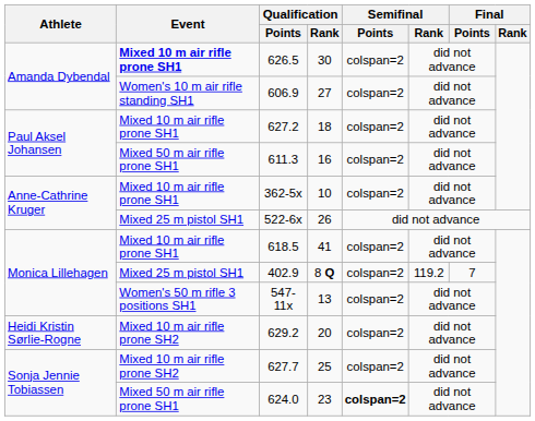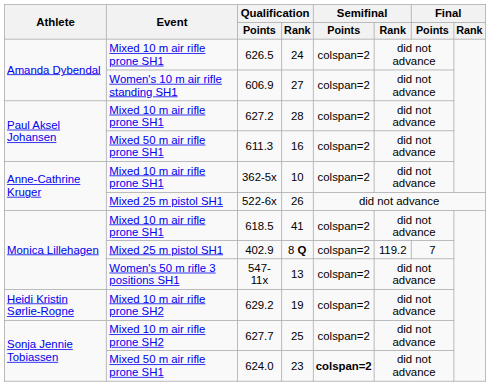 <table class="wikitable" style="font-size:90%">
 <tr>
 <th rowspan="2">Athlete</th>
 <th rowspan="2">Event</th>
 <th colspan=2>Qualification</th>
 <th colspan=2>Semifinal</th>
 <th colspan=2>Final</th>
 </tr>
 <tr style="font-size:95%">
 <th>Points</th>
 <th>Rank</th>
 <th>Points</th>
 <th>Rank</th>
 <th>Points</th>
 <th>Rank</th>
 </tr>
 <tr align=center>
 <td align=left rowspan=2><a href='#'>Amanda Dybendal</a></td>
-<td align=left><strong><a href='#'>Mixed 10 m air rifle prone SH1</a></strong></td>
+<td align=left><a href='#'>Mixed 10 m air rifle prone SH1</a></td>
 <td>626.5</td>
-<td>30</td>
+<td>24</td>
 <td>colspan=2 </td>
 <td colspan=2>did not advance</td>
 </tr>
 <tr align=center>
 <td align=left><a href='#'>Women's 10 m air rifle standing SH1</a></td>
 <td>606.9</td>
 <td>27</td>
 <td>colspan=2 </td>
 <td colspan=2>did not advance</td>
 </tr>
 <tr align=center>
 <td align=left rowspan=2><a href='#'>Paul Aksel Johansen</a></td>
 <td align=left><a href='#'>Mixed 10 m air rifle prone SH1</a></td>
 <td>627.2</td>
-<td>18</td>
+<td>28</td>
 <td>colspan=2 </td>
 <td colspan=2>did not advance</td>
 </tr>
 <tr align=center>
 <td align=left><a href='#'>Mixed 50 m air rifle prone SH1</a></td>
 <td>611.3</td>
 <td>16</td>
 <td>colspan=2 </td>
 <td colspan=2>did not advance</td>
 </tr>
 <tr align=center>
 <td align=left rowspan=2><a href='#'>Anne-Cathrine Kruger</a></td>
 <td align=left><a href='#'>Mixed 10 m air rifle prone SH1</a></td>
 <td>362-5x</td>
 <td>10</td>
 <td>colspan=2 </td>
 <td colspan=2>did not advance</td>
 </tr>
 <tr align=center>
 <td align=left><a href='#'>Mixed 25 m pistol SH1</a></td>
 <td>522-6x</td>
 <td>26</td>
 <td colspan=4>did not advance</td>
 </tr>
 <tr align=center>
 <td align=left rowspan=3><a href='#'>Monica Lillehagen</a></td>
 <td align=left><a href='#'>Mixed 10 m air rifle prone SH1</a></td>
 <td>618.5</td>
 <td>41</td>
 <td>colspan=2 </td>
 <td colspan=2>did not advance</td>
 </tr>
 <tr align=center>
 <td align=left><a href='#'>Mixed 25 m pistol SH1</a></td>
 <td>402.9</td>
 <td>8 <strong>Q</strong></td>
 <td>colspan=2 </td>
 <td>119.2</td>
 <td>7</td>
 </tr>
 <tr align=center>
 <td align=left><a href='#'>Women's 50 m rifle 3 positions SH1</a></td>
 <td>547-11x</td>
 <td>13</td>
 <td>colspan=2 </td>
 <td colspan=2>did not advance</td>
 </tr>
 <tr align=center>
 <td align=left><a href='#'>Heidi Kristin Sørlie-Rogne</a></td>
 <td align=left><a href='#'>Mixed 10 m air rifle prone SH2</a></td>
 <td>629.2</td>
-<td>20</td>
+<td>19</td>
 <td>colspan=2 </td>
 <td colspan=2>did not advance</td>
 </tr>
 <tr align=center>
 <td align=left rowspan=2><a href='#'>Sonja Jennie Tobiassen</a></td>
 <td align=left><a href='#'>Mixed 10 m air rifle prone SH2</a></td>
 <td>627.7</td>
 <td>25</td>
 <td>colspan=2 </td>
 <td colspan=2>did not advance</td>
 </tr>
 <tr align=center>
 <td align=left><a href='#'>Mixed 50 m air rifle prone SH1</a></td>
 <td>624.0</td>
 <td>23</td>
 <td><strong>colspan=2 </strong></td>
 <td colspan=2>did not advance</td>
 </tr>
 </table>
